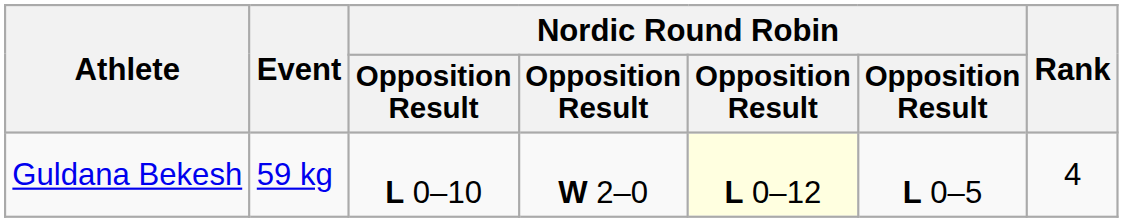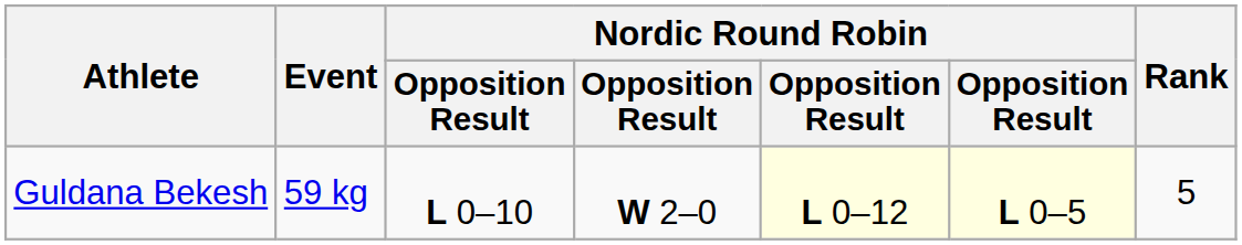 <table class="wikitable" style="font-size:90%; text-align:center">
 <tr>
 <th rowspan=2>Athlete</th>
 <th rowspan=2>Event</th>
 <th colspan=4>Nordic Round Robin</th>
 <th rowspan=2>Rank</th>
 </tr>
 <tr style="font-size: 95%">
 <th>Opposition<br>Result</th>
 <th>Opposition<br>Result</th>
 <th>Opposition<br>Result</th>
 <th>Opposition<br>Result</th>
 </tr>
 <tr>
 <td align=left><a href='#'>Guldana Bekesh</a></td>
 <td align=left><a href='#'>59 kg</a></td>
 <td><br><strong>L</strong> 0–10</td>
 <td><br><strong>W</strong> 2–0</td>
 <td style="background: lightyellow;"><br><strong>L</strong> 0–12</td>
-<td><br><strong>L</strong> 0–5</td>
-<td>4</td>
+<td style="background: lightyellow;"><br><strong>L</strong> 0–5</td>
+<td>5</td>
 </tr>
 </table>
